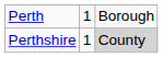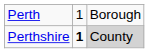 <table class="wikitable sortable">
 <tr>
 <td><a href='#'>Perth</a></td>
 <td align="center">1</td>
 <td>Borough</td>
 </tr>
 <tr>
 <td><a href='#'>Perthshire</a></td>
-<td align="center">1</td>
+<td align="center"><strong>1</strong></td>
 <td style="background: lightgrey;">County</td>
 </tr>
 </table>
